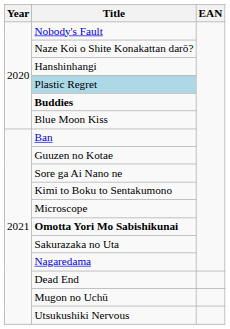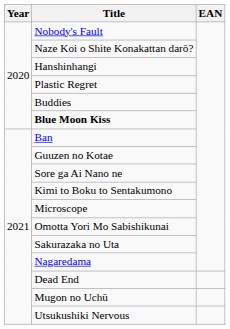 <table class="wikitable">
 <tr>
 <th>Year</th>
 <th>Title</th>
 <th>EAN</th>
 </tr>
 <tr>
 <td rowspan="6">2020</td>
 <td><a href='#'>Nobody's Fault</a></td>
 <td rowspan="14"></td>
 </tr>
 <tr>
 <td>Naze Koi o Shite Konakattan darō?</td>
 </tr>
 <tr>
 <td>Hanshinhangi</td>
 </tr>
 <tr>
-<td style="background: lightblue;">Plastic Regret</td>
+<td>Plastic Regret</td>
 </tr>
 <tr>
-<td><strong>Buddies</strong></td>
+<td>Buddies</td>
 </tr>
 <tr>
-<td>Blue Moon Kiss</td>
+<td><strong>Blue Moon Kiss</strong></td>
 </tr>
 <tr>
 <td rowspan="11">2021</td>
 <td><a href='#'>Ban</a></td>
 </tr>
 <tr>
 <td>Guuzen no Kotae</td>
 </tr>
 <tr>
 <td>Sore ga Ai Nano ne</td>
 </tr>
 <tr>
 <td>Kimi to Boku to Sentakumono</td>
 </tr>
 <tr>
 <td>Microscope</td>
 </tr>
 <tr>
-<td><strong>Omotta Yori Mo Sabishikunai</strong></td>
+<td>Omotta Yori Mo Sabishikunai</td>
 </tr>
 <tr>
 <td>Sakurazaka no Uta</td>
 </tr>
 <tr>
 <td><a href='#'>Nagaredama</a></td>
 </tr>
 <tr>
 <td>Dead End</td>
 <td></td>
 </tr>
 <tr>
 <td>Mugon no Uchū</td>
 <td></td>
 </tr>
 <tr>
 <td>Utsukushiki Nervous</td>
 <td></td>
 </tr>
 </table>
